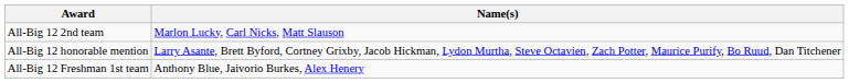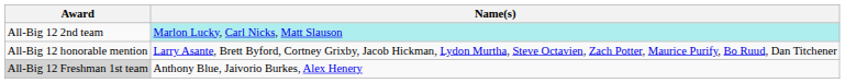 <table class="wikitable">
 <tr>
 <th>Award</th>
 <th>Name(s)</th>
 </tr>
 <tr>
 <td>All-Big 12 2nd team</td>
-<td><a href='#'>Marlon Lucky</a>, <a href='#'>Carl Nicks</a>, <a href='#'>Matt Slauson</a></td>
+<td style="background: paleturquoise;"><a href='#'>Marlon Lucky</a>, <a href='#'>Carl Nicks</a>, <a href='#'>Matt Slauson</a></td>
 </tr>
 <tr>
 <td>All-Big 12 honorable mention</td>
 <td><a href='#'>Larry Asante</a>, Brett Byford, Cortney Grixby, Jacob Hickman, <a href='#'>Lydon Murtha</a>, <a href='#'>Steve Octavien</a>, <a href='#'>Zach Potter</a>, <a href='#'>Maurice Purify</a>, <a href='#'>Bo Ruud</a>, Dan Titchener</td>
 </tr>
 <tr>
-<td>All-Big 12 Freshman 1st team</td>
+<td style="background: lightgrey;">All-Big 12 Freshman 1st team</td>
 <td>Anthony Blue, Jaivorio Burkes, <a href='#'>Alex Henery</a></td>
 </tr>
 </table>
